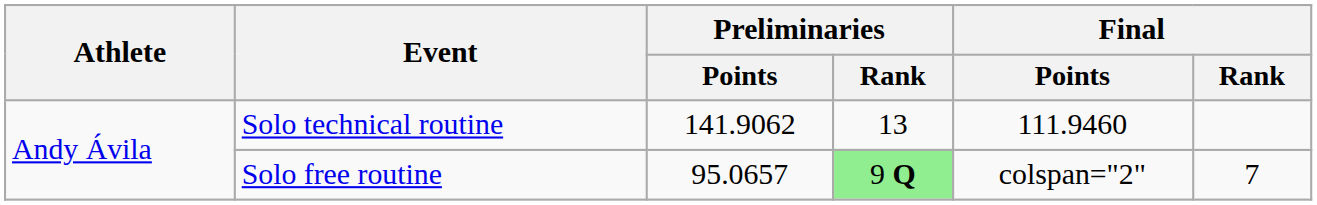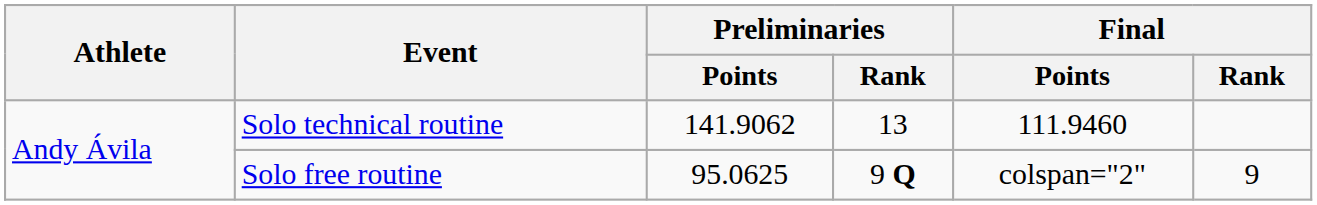 <table class="wikitable" style="text-align:center; font-size:90%; width:50%;">
 <tr>
 <th rowspan="2">Athlete</th>
 <th rowspan="2">Event</th>
 <th colspan="2">Preliminaries</th>
 <th colspan="2">Final</th>
 </tr>
 <tr style="font-size:95%">
 <th>Points</th>
 <th>Rank</th>
 <th>Points</th>
 <th>Rank</th>
 </tr>
 <tr>
 <td align=left rowspan=2><a href='#'>Andy Ávila</a></td>
 <td align=left><a href='#'>Solo technical routine</a></td>
 <td>141.9062</td>
 <td>13</td>
 <td>111.9460</td>
 </tr>
 <tr>
 <td align=left><a href='#'>Solo free routine</a></td>
-<td>95.0657</td>
-<td style="background: lightgreen;">9 <strong>Q</strong></td>
+<td>95.0625</td>
+<td>9 <strong>Q</strong></td>
 <td>colspan="2" </td>
-<td>7</td>
+<td>9</td>
 </tr>
 </table>
